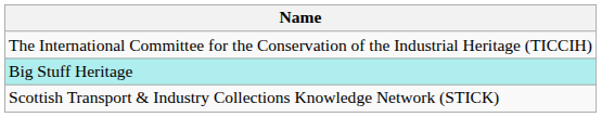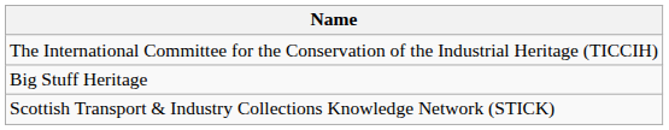 <table class="wikitable">
 <tr>
 <th>Name</th>
 </tr>
 <tr>
 <td>The International Committee for the Conservation of the Industrial Heritage (TICCIH)</td>
 </tr>
 <tr>
-<td style="background: paleturquoise;">Big Stuff Heritage </td>
+<td>Big Stuff Heritage </td>
 </tr>
 <tr>
 <td>Scottish Transport & Industry Collections Knowledge Network (STICK)</td>
 </tr>
 </table>
